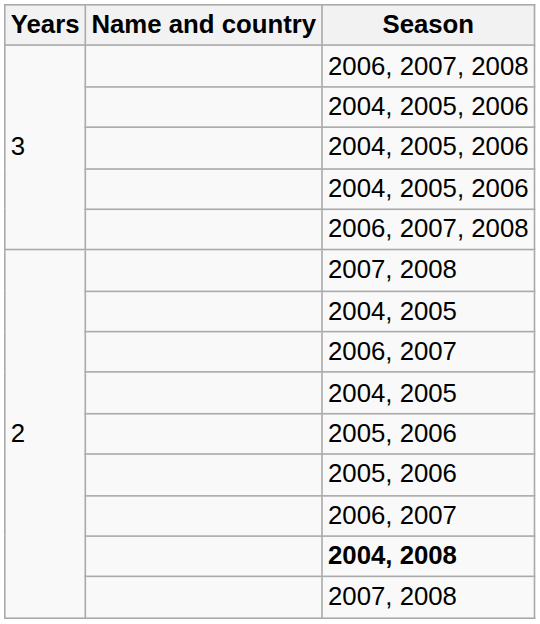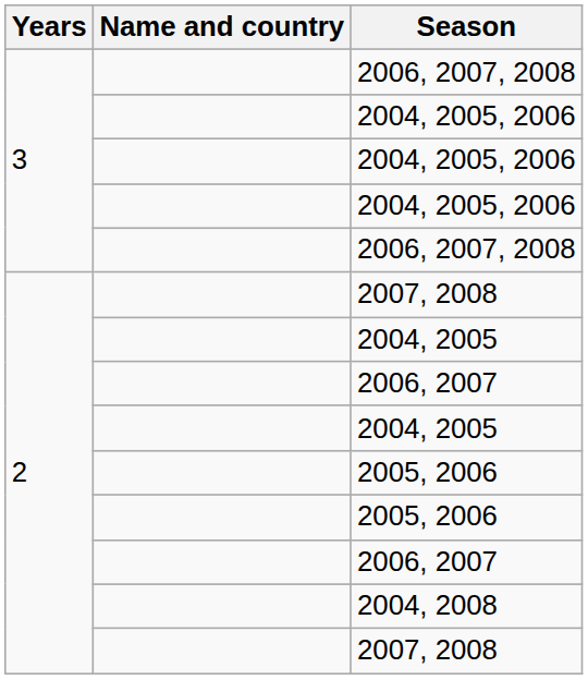 <table class="wikitable">
 <tr>
 <th>Years</th>
 <th>Name and country</th>
 <th>Season</th>
 </tr>
 <tr>
 <td rowspan=5>3</td>
 <td></td>
 <td>2006, 2007, 2008</td>
 </tr>
 <tr>
 <td></td>
 <td>2004, 2005, 2006</td>
 </tr>
 <tr>
 <td></td>
 <td>2004, 2005, 2006</td>
 </tr>
 <tr>
 <td></td>
 <td>2004, 2005, 2006</td>
 </tr>
 <tr>
 <td></td>
 <td>2006, 2007, 2008</td>
 </tr>
 <tr>
 <td rowspan=9>2</td>
 <td></td>
 <td>2007, 2008</td>
 </tr>
 <tr>
 <td></td>
 <td>2004, 2005</td>
 </tr>
 <tr>
 <td></td>
 <td>2006, 2007</td>
 </tr>
 <tr>
 <td></td>
 <td>2004, 2005</td>
 </tr>
 <tr>
 <td></td>
 <td>2005, 2006</td>
 </tr>
 <tr>
 <td></td>
 <td>2005, 2006</td>
 </tr>
 <tr>
 <td></td>
 <td>2006, 2007</td>
 </tr>
 <tr>
 <td></td>
-<td><strong>2004, 2008</strong></td>
+<td>2004, 2008</td>
 </tr>
 <tr>
 <td></td>
 <td>2007, 2008</td>
 </tr>
 </table>
